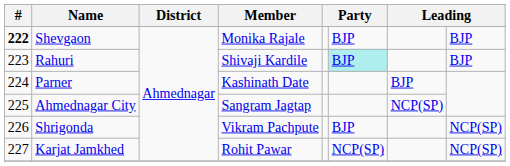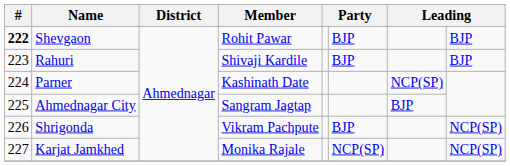 <table class="wikitable">
 <tr>
 <th>#</th>
 <th>Name</th>
 <th>District</th>
 <th>Member</th>
 <th colspan="2">Party</th>
 <th colspan=2>Leading<br></th>
 </tr>
 <tr>
 <td><strong>222</strong></td>
 <td><a href='#'>Shevgaon</a></td>
 <td rowspan="6"><a href='#'>Ahmednagar</a></td>
-<td><a href='#'>Monika Rajale</a></td>
+<td><a href='#'>Rohit Pawar</a></td>
 <td style="background-color: "></td>
 <td><a href='#'>BJP</a></td>
 <td style="background-color: "></td>
 <td><a href='#'>BJP</a></td>
 </tr>
 <tr>
 <td>223</td>
 <td><a href='#'>Rahuri</a></td>
 <td><a href='#'>Shivaji Kardile</a></td>
 <td style="background-color: "></td>
-<td style="background: paleturquoise;"><a href='#'>BJP</a></td>
+<td><a href='#'>BJP</a></td>
 <td style="background-color: "></td>
 <td><a href='#'>BJP</a></td>
 </tr>
 <tr>
 <td>224</td>
 <td><a href='#'>Parner</a></td>
 <td><a href='#'>Kashinath Date</a></td>
 <td></td>
 <td style="background-color: "></td>
-<td><a href='#'>BJP</a></td>
+<td><a href='#'>NCP(SP)</a></td>
 </tr>
 <tr>
 <td>225</td>
 <td><a href='#'>Ahmednagar City</a></td>
 <td><a href='#'>Sangram Jagtap</a></td>
 <td></td>
 <td style="background-color: "></td>
-<td><a href='#'>NCP(SP)</a></td>
+<td><a href='#'>BJP</a></td>
 </tr>
 <tr>
 <td>226</td>
 <td><a href='#'>Shrigonda</a></td>
 <td><a href='#'>Vikram Pachpute</a></td>
 <td style="background-color: "></td>
 <td><a href='#'>BJP</a></td>
 <td style="background-color: "></td>
 <td><a href='#'>NCP(SP)</a></td>
 </tr>
 <tr>
 <td>227</td>
 <td><a href='#'>Karjat Jamkhed</a></td>
-<td><a href='#'>Rohit Pawar</a></td>
+<td><a href='#'>Monika Rajale</a></td>
 <td style="background-color: "></td>
 <td><a href='#'>NCP(SP)</a></td>
 <td style="background-color: "></td>
 <td><a href='#'>NCP(SP)</a></td>
 </tr>
 <tr>
 </tr>
 </table>
